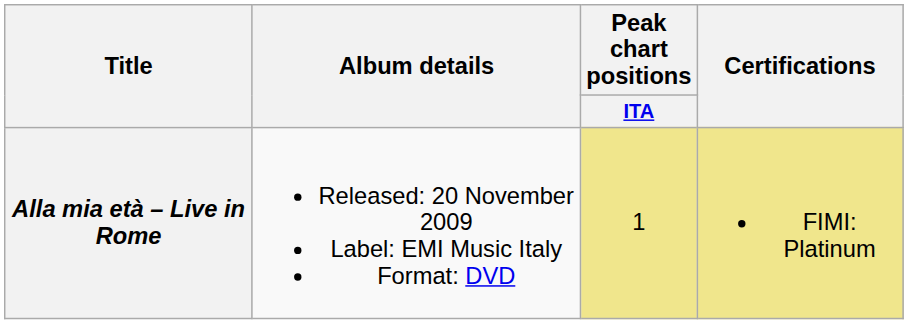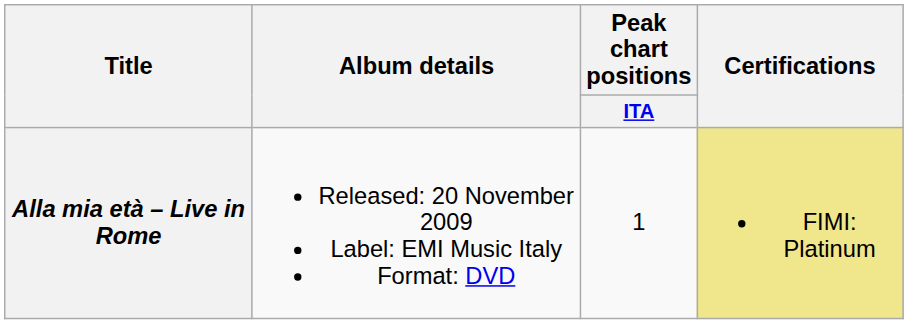 <table class="wikitable plainrowheaders" style="text-align:center;" border="1">
 <tr>
 <th scope="col" rowspan="2" style="width:10em;">Title</th>
 <th scope="col" rowspan="2">Album details</th>
 <th scope="col" colspan="1">Peak chart positions</th>
 <th scope="col" rowspan="2">Certifications</th>
 </tr>
 <tr>
 <th scope="col" style="width:3em;font-size:85%;"><a href='#'>ITA</a><br></th>
 </tr>
 <tr>
 <th scope="row"><em>Alla mia età – Live in Rome</em></th>
 <td><br><ul><li>Released: 20 November 2009</li><li>Label: EMI Music Italy</li><li>Format: <a href='#'>DVD</a></li></ul></td>
-<td style="background: khaki;">1</td>
+<td>1</td>
 <td style="background: khaki;"><br><ul><li>FIMI: Platinum</li></ul></td>
 </tr>
 </table>
